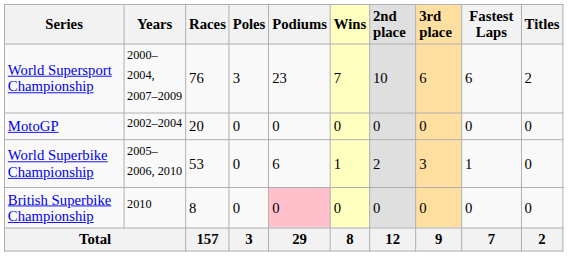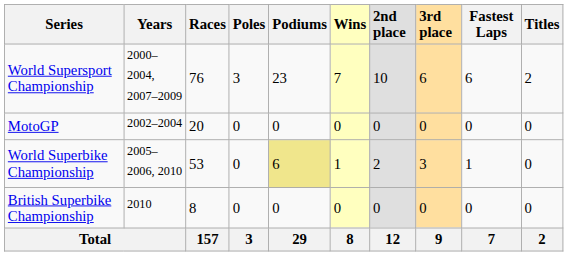 <table class="wikitable">
 <tr>
 <th colspan=2>Series</th>
 <th>Years</th>
 <th>Races</th>
 <th>Poles</th>
 <th>Podiums</th>
 <td style="background:#ffffbf;"><strong>Wins</strong></td>
 <td style="background:#DFDFDF;"><strong>2nd place</strong></td>
 <td style="background:#FFDF9F;"><strong>3rd place</strong></td>
 <th>Fastest Laps</th>
 <th>Titles</th>
 </tr>
 <tr>
 <td colspan=2><a href='#'>World Supersport Championship</a></td>
 <td><sup>2000–2004, 2007–2009</sup></td>
 <td>76</td>
 <td>3</td>
 <td>23</td>
 <td style="background:#ffffbf;">7</td>
 <td style="background:#DFDFDF;">10</td>
 <td style="background:#FFDF9F;">6</td>
 <td>6</td>
 <td>2</td>
 </tr>
 <tr>
 <td colspan=2><a href='#'>MotoGP</a></td>
 <td><sup>2002–2004</sup></td>
 <td>20</td>
 <td>0</td>
 <td>0</td>
 <td style="background:#ffffbf;">0</td>
 <td style="background:#DFDFDF;">0</td>
 <td style="background:#FFDF9F;">0</td>
 <td>0</td>
 <td>0</td>
 </tr>
 <tr>
 <td colspan=2><a href='#'>World Superbike Championship</a></td>
 <td><sup>2005–2006, 2010</sup></td>
 <td>53</td>
 <td>0</td>
-<td>6</td>
+<td style="background: khaki;">6</td>
 <td style="background:#ffffbf;">1</td>
 <td style="background:#DFDFDF;">2</td>
 <td style="background:#FFDF9F;">3</td>
 <td>1</td>
 <td>0</td>
 </tr>
 <tr>
 <td colspan=2><a href='#'>British Superbike Championship</a></td>
 <td><sup>2010</sup></td>
 <td>8</td>
 <td>0</td>
-<td style="background: pink;">0</td>
+<td>0</td>
 <td style="background:#ffffbf;">0</td>
 <td style="background:#DFDFDF;">0</td>
 <td style="background:#FFDF9F;">0</td>
 <td>0</td>
 <td>0</td>
 </tr>
 <tr>
 <th colspan=3>Total</th>
 <th>157</th>
 <th>3</th>
 <th>29</th>
 <th>8</th>
 <th>12</th>
 <th>9</th>
 <th>7</th>
 <th>2</th>
 </tr>
 </table>
